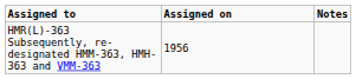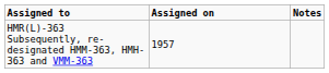 <table class="wikitable" style="width: 70%;">
 <tr>
 <td style="width: 200px;"><strong>Assigned to</strong></td>
 <td style="width: 200px;"><strong>Assigned on</strong></td>
 <td><strong>Notes</strong></td>
 </tr>
 <tr>
 <td>HMR(L)-363<br>Subsequently, re-designated HMM-363, HMH-363 and <a href='#'>VMM-363</a></td>
-<td>1956</td>
+<td>1957</td>
 <td></td>
 </tr>
 </table>
